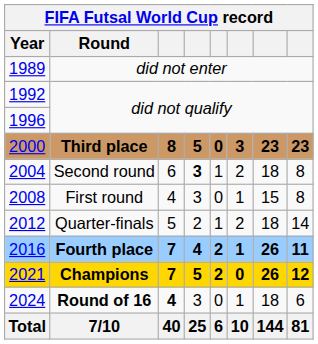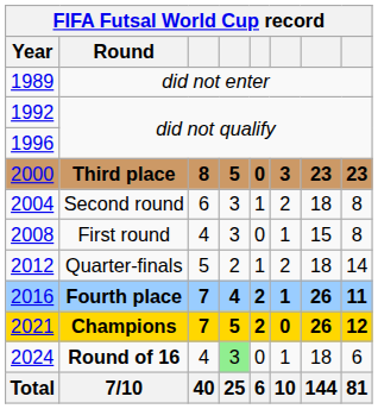 <table class="wikitable" style="text-align: center;font-size:90%;">
 <tr>
 <th colspan=9><a href='#'>FIFA Futsal World Cup</a> record</th>
 </tr>
 <tr>
 <th>Year</th>
 <th>Round</th>
 <th></th>
 <th></th>
 <th></th>
 <th></th>
 <th></th>
 <th></th>
 </tr>
 <tr>
 <td> <a href='#'>1989</a></td>
 <td colspan=8><em>did not enter</em></td>
 </tr>
 <tr>
 <td> <a href='#'>1992</a></td>
 <td rowspan=2 colspan=8><em>did not qualify</em></td>
 </tr>
 <tr>
 <td> <a href='#'>1996</a></td>
 </tr>
 <tr bgcolor="#cc9966">
 <td> <a href='#'>2000</a></td>
 <td><strong>Third place</strong></td>
 <td><strong>8</strong></td>
 <td><strong>5</strong></td>
 <td><strong>0</strong></td>
 <td><strong>3</strong></td>
 <td><strong>23</strong></td>
 <td><strong>23</strong></td>
 </tr>
 <tr>
 <td> <a href='#'>2004</a></td>
 <td>Second round</td>
 <td>6</td>
-<td><strong>3</strong></td>
+<td>3</td>
 <td>1</td>
 <td>2</td>
 <td>18</td>
 <td>8</td>
 </tr>
 <tr>
 <td> <a href='#'>2008</a></td>
 <td>First round</td>
 <td>4</td>
 <td>3</td>
 <td>0</td>
 <td>1</td>
 <td>15</td>
 <td>8</td>
 </tr>
 <tr>
 <td> <a href='#'>2012</a></td>
 <td>Quarter-finals</td>
 <td>5</td>
 <td>2</td>
 <td>1</td>
 <td>2</td>
 <td>18</td>
 <td>14</td>
 </tr>
 <tr bgcolor=#9acdff>
 <td> <a href='#'>2016</a></td>
 <td><strong>Fourth place</strong></td>
 <td><strong>7</strong></td>
 <td><strong>4</strong></td>
 <td><strong>2</strong></td>
 <td><strong>1</strong></td>
 <td><strong>26</strong></td>
 <td><strong>11</strong></td>
 </tr>
 <tr bgcolor=gold>
 <td> <a href='#'>2021</a></td>
 <td><strong>Champions</strong></td>
 <td><strong>7</strong></td>
 <td><strong>5</strong></td>
 <td><strong>2</strong></td>
 <td><strong>0</strong></td>
 <td><strong>26</strong></td>
 <td><strong>12</strong></td>
 </tr>
 <tr>
 <td> <a href='#'>2024</a></td>
 <td><strong>Round of 16</strong></td>
-<td><strong>4</strong></td>
-<td>3</td>
+<td>4</td>
+<td style="background: lightgreen;">3</td>
 <td>0</td>
 <td>1</td>
 <td>18</td>
 <td>6</td>
 </tr>
 <tr>
 <th><strong>Total</strong></th>
 <th>7/10</th>
 <th>40</th>
 <th>25</th>
 <th>6</th>
 <th>10</th>
 <th>144</th>
 <th>81</th>
 </tr>
 </table>
